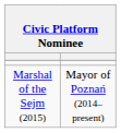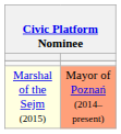 <table class="wikitable" style="font-size:90%; text-align:center;">
 <tr>
 <td colspan="28" style="background:#f1f1f1;"><br><strong><a href='#'>Civic Platform</a> Nominee</strong></td>
 </tr>
 <tr>
 <th style="width:3em; font-size:135%; background:"></th>
 <th style="width:3em; font-size:135%; background:"></th>
 </tr>
 <tr style="color:#000; font-size:100%; background:#FCA241 ;">
 </tr>
 <tr>
 <td></td>
 <td></td>
 </tr>
 <tr>
-<td><a href='#'>Marshal of the Sejm</a><br><small>(2015)</small></td>
-<td>Mayor of <a href='#'>Poznań</a><br><small>(2014–present)</small></td>
+<td style="background: lightyellow;"><a href='#'>Marshal of the Sejm</a><br><small>(2015)</small></td>
+<td style="background: lightsalmon;">Mayor of <a href='#'>Poznań</a><br><small>(2014–present)</small></td>
 </tr>
 </table>
